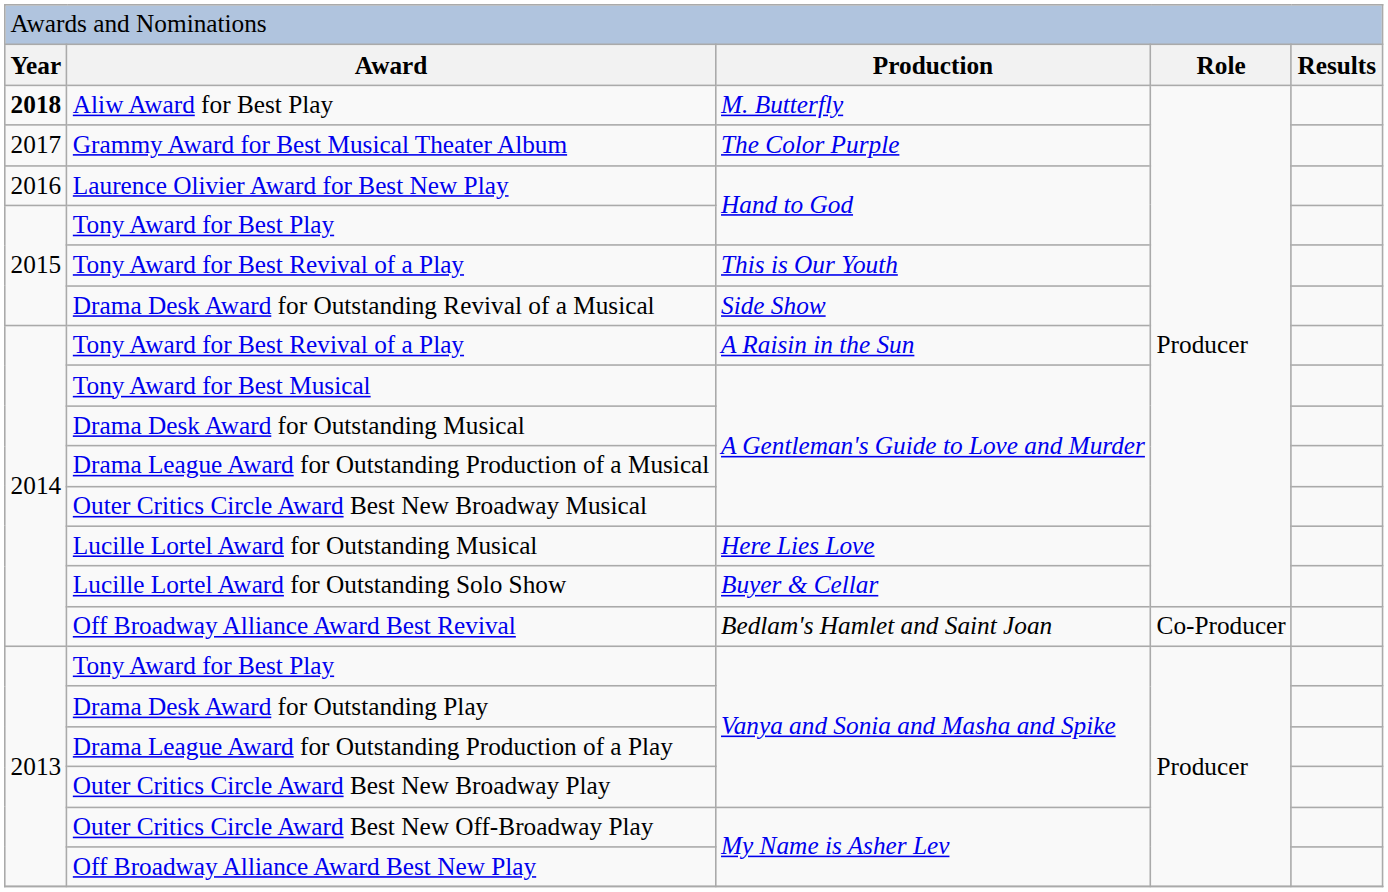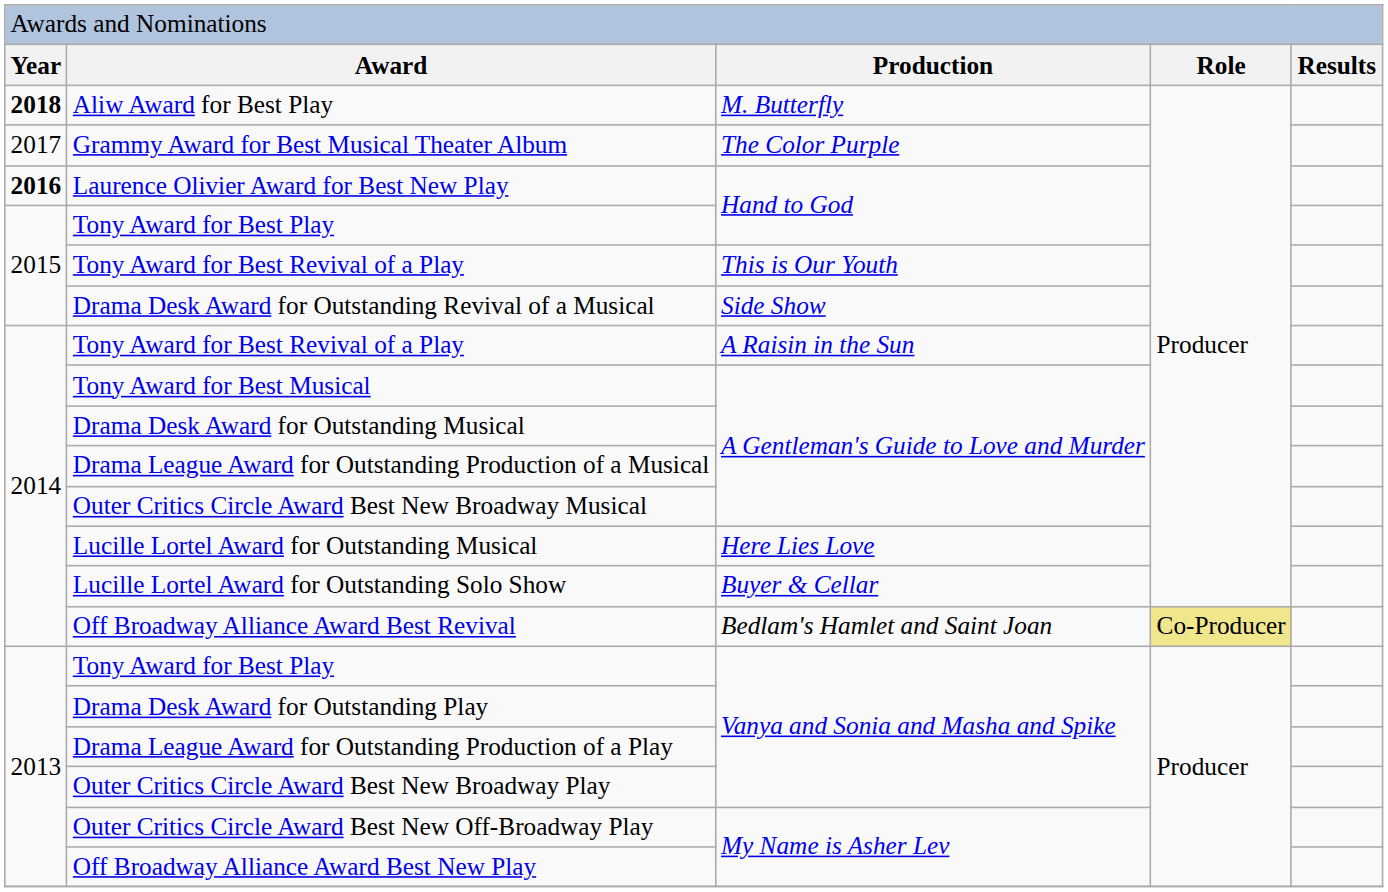 <table class="wikitable">
 <tr>
 <td colspan="5" style="background: LightSteelBlue;">Awards and Nominations</td>
 </tr>
 <tr>
 <th>Year</th>
 <th>Award</th>
 <th>Production</th>
 <th>Role</th>
 <th>Results</th>
 </tr>
 <tr>
 <td><strong>2018</strong></td>
 <td><a href='#'>Aliw Award</a> for Best Play</td>
 <td><em><a href='#'>M. Butterfly</a></em></td>
 <td rowspan="13">Producer</td>
 <td></td>
 </tr>
 <tr>
 <td>2017</td>
 <td><a href='#'>Grammy Award for Best Musical Theater Album</a></td>
 <td><em><a href='#'>The Color Purple</a></em></td>
 <td></td>
 </tr>
 <tr>
-<td>2016</td>
+<td><strong>2016</strong></td>
 <td><a href='#'>Laurence Olivier Award for Best New Play</a></td>
 <td rowspan="2"><em><a href='#'>Hand to God</a></em></td>
 <td></td>
 </tr>
 <tr>
 <td rowspan=3>2015</td>
 <td><a href='#'>Tony Award for Best Play</a></td>
 <td></td>
 </tr>
 <tr>
 <td><a href='#'>Tony Award for Best Revival of a Play</a></td>
 <td><em><a href='#'>This is Our Youth</a></em></td>
 <td></td>
 </tr>
 <tr>
 <td><a href='#'>Drama Desk Award</a> for Outstanding Revival of a Musical</td>
 <td><em><a href='#'>Side Show</a></em></td>
 <td></td>
 </tr>
 <tr>
 <td rowspan=8>2014</td>
 <td><a href='#'>Tony Award for Best Revival of a Play</a></td>
 <td><em><a href='#'>A Raisin in the Sun</a></em></td>
 <td></td>
 </tr>
 <tr>
 <td><a href='#'>Tony Award for Best Musical</a></td>
 <td rowspan=4><em><a href='#'>A Gentleman's Guide to Love and Murder</a></em></td>
 <td></td>
 </tr>
 <tr>
 <td><a href='#'>Drama Desk Award</a> for Outstanding Musical</td>
 <td></td>
 </tr>
 <tr>
 <td><a href='#'>Drama League Award</a> for Outstanding Production of a Musical</td>
 <td></td>
 </tr>
 <tr>
 <td><a href='#'>Outer Critics Circle Award</a> Best New Broadway Musical</td>
 <td></td>
 </tr>
 <tr>
 <td><a href='#'>Lucille Lortel Award</a> for Outstanding Musical</td>
 <td><em><a href='#'>Here Lies Love</a></em></td>
 <td></td>
 </tr>
 <tr>
 <td><a href='#'>Lucille Lortel Award</a> for Outstanding Solo Show</td>
 <td><em><a href='#'>Buyer & Cellar</a></em></td>
 <td></td>
 </tr>
 <tr>
 <td><a href='#'>Off Broadway Alliance Award Best Revival</a></td>
 <td><em>Bedlam's Hamlet and Saint Joan</em></td>
-<td>Co-Producer</td>
+<td style="background: khaki;">Co-Producer</td>
 <td></td>
 </tr>
 <tr>
 <td rowspan=6>2013</td>
 <td><a href='#'>Tony Award for Best Play</a></td>
 <td rowspan=4><em><a href='#'>Vanya and Sonia and Masha and Spike</a></em></td>
 <td rowspan=6>Producer</td>
 <td></td>
 </tr>
 <tr>
 <td><a href='#'>Drama Desk Award</a> for Outstanding Play</td>
 <td></td>
 </tr>
 <tr>
 <td><a href='#'>Drama League Award</a> for Outstanding Production of a Play</td>
 <td></td>
 </tr>
 <tr>
 <td><a href='#'>Outer Critics Circle Award</a> Best New Broadway Play</td>
 <td></td>
 </tr>
 <tr>
 <td><a href='#'>Outer Critics Circle Award</a> Best New Off-Broadway Play</td>
 <td rowspan=2><em><a href='#'>My Name is Asher Lev</a></em></td>
 <td></td>
 </tr>
 <tr>
 <td><a href='#'>Off Broadway Alliance Award Best New Play</a></td>
 <td></td>
 </tr>
 <tr>
 </tr>
 </table>
